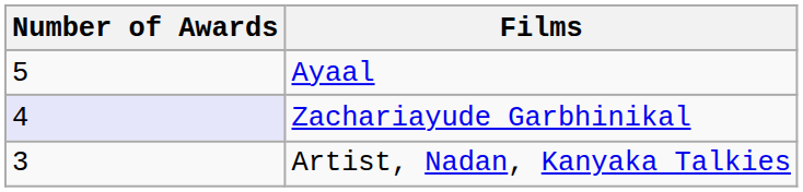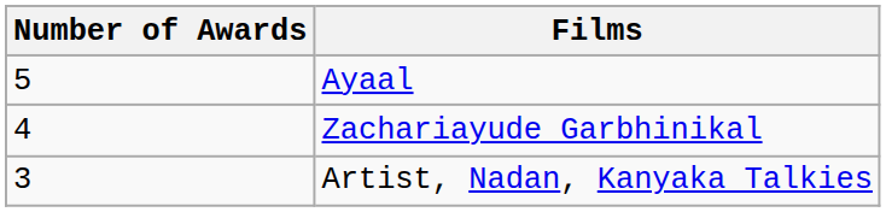 <table class="wikitable sortable">
 <tr>
 <th style=";">Number of Awards</th>
 <th style=";">Films</th>
 </tr>
 <tr>
 <td>5</td>
 <td><a href='#'>Ayaal</a></td>
 </tr>
 <tr>
-<td style="background: lavender;">4</td>
+<td>4</td>
 <td><a href='#'>Zachariayude Garbhinikal</a></td>
 </tr>
 <tr>
 <td>3</td>
 <td>Artist, <a href='#'>Nadan</a>, <a href='#'>Kanyaka Talkies</a></td>
 </tr>
 </table>
